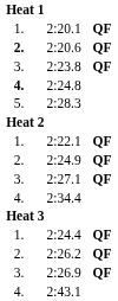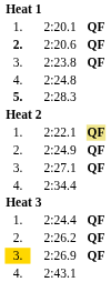 <table style="text-align:center">
 <tr>
 <td colspan=4 align=left><strong>Heat 1</strong></td>
 </tr>
 <tr>
 <td width=30>1.</td>
 <td align=left></td>
 <td width=60>2:20.1</td>
 <td><strong>QF</strong></td>
 </tr>
 <tr>
 <td><strong>2.</strong></td>
 <td align=left></td>
 <td>2:20.6</td>
 <td><strong>QF</strong></td>
 </tr>
 <tr>
 <td>3.</td>
 <td align=left></td>
 <td>2:23.8</td>
 <td><strong>QF</strong></td>
 </tr>
 <tr>
-<td><strong>4.</strong></td>
+<td>4.</td>
 <td align=left></td>
 <td>2:24.8</td>
 <td></td>
 </tr>
 <tr>
-<td>5.</td>
+<td><strong>5.</strong></td>
 <td align=left></td>
 <td>2:28.3</td>
 <td></td>
 </tr>
 <tr>
 <td colspan=4 align=left><strong>Heat 2</strong></td>
 </tr>
 <tr>
 <td>1.</td>
 <td align=left></td>
 <td>2:22.1</td>
-<td><strong>QF</strong></td>
+<td style="background: khaki;"><strong>QF</strong></td>
 </tr>
 <tr>
 <td>2.</td>
 <td align=left></td>
 <td>2:24.9</td>
 <td><strong>QF</strong></td>
 </tr>
 <tr>
 <td>3.</td>
 <td align=left></td>
 <td>2:27.1</td>
 <td><strong>QF</strong></td>
 </tr>
 <tr>
 <td>4.</td>
 <td align=left></td>
 <td>2:34.4</td>
 <td></td>
 </tr>
 <tr>
 <td colspan=4 align=left><strong>Heat 3</strong></td>
 </tr>
 <tr>
 <td>1.</td>
 <td align=left></td>
 <td>2:24.4</td>
 <td><strong>QF</strong></td>
 </tr>
 <tr>
 <td>2.</td>
 <td align=left></td>
 <td>2:26.2</td>
 <td><strong>QF</strong></td>
 </tr>
 <tr>
-<td>3.</td>
+<td style="background: gold;">3.</td>
 <td align=left></td>
 <td>2:26.9</td>
 <td><strong>QF</strong></td>
 </tr>
 <tr>
 <td>4.</td>
 <td align=left></td>
 <td>2:43.1</td>
 <td></td>
 </tr>
 </table>
